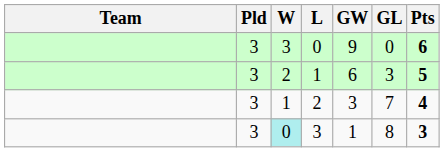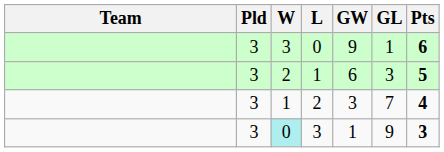 <table class="wikitable" style="text-align:center">
 <tr>
 <th width=200>Team</th>
 <th width=20>Pld</th>
 <th width=20>W</th>
 <th width=20>L</th>
 <th width=20>GW</th>
 <th width=20>GL</th>
 <th width=20>Pts</th>
 </tr>
 <tr bgcolor=ccffcc>
 <td style="text-align:left;"></td>
 <td>3</td>
 <td>3</td>
 <td>0</td>
 <td>9</td>
-<td>0</td>
+<td>1</td>
 <td><strong>6</strong></td>
 </tr>
 <tr bgcolor=ccffcc>
 <td style="text-align:left;"></td>
 <td>3</td>
 <td>2</td>
 <td>1</td>
 <td>6</td>
 <td>3</td>
 <td><strong>5</strong></td>
 </tr>
 <tr>
 <td style="text-align:left;"></td>
 <td>3</td>
 <td>1</td>
 <td>2</td>
 <td>3</td>
 <td>7</td>
 <td><strong>4</strong></td>
 </tr>
 <tr>
 <td style="text-align:left;"></td>
 <td>3</td>
 <td style="background: paleturquoise;">0</td>
 <td>3</td>
 <td>1</td>
-<td>8</td>
+<td>9</td>
 <td><strong>3</strong></td>
 </tr>
 </table>
